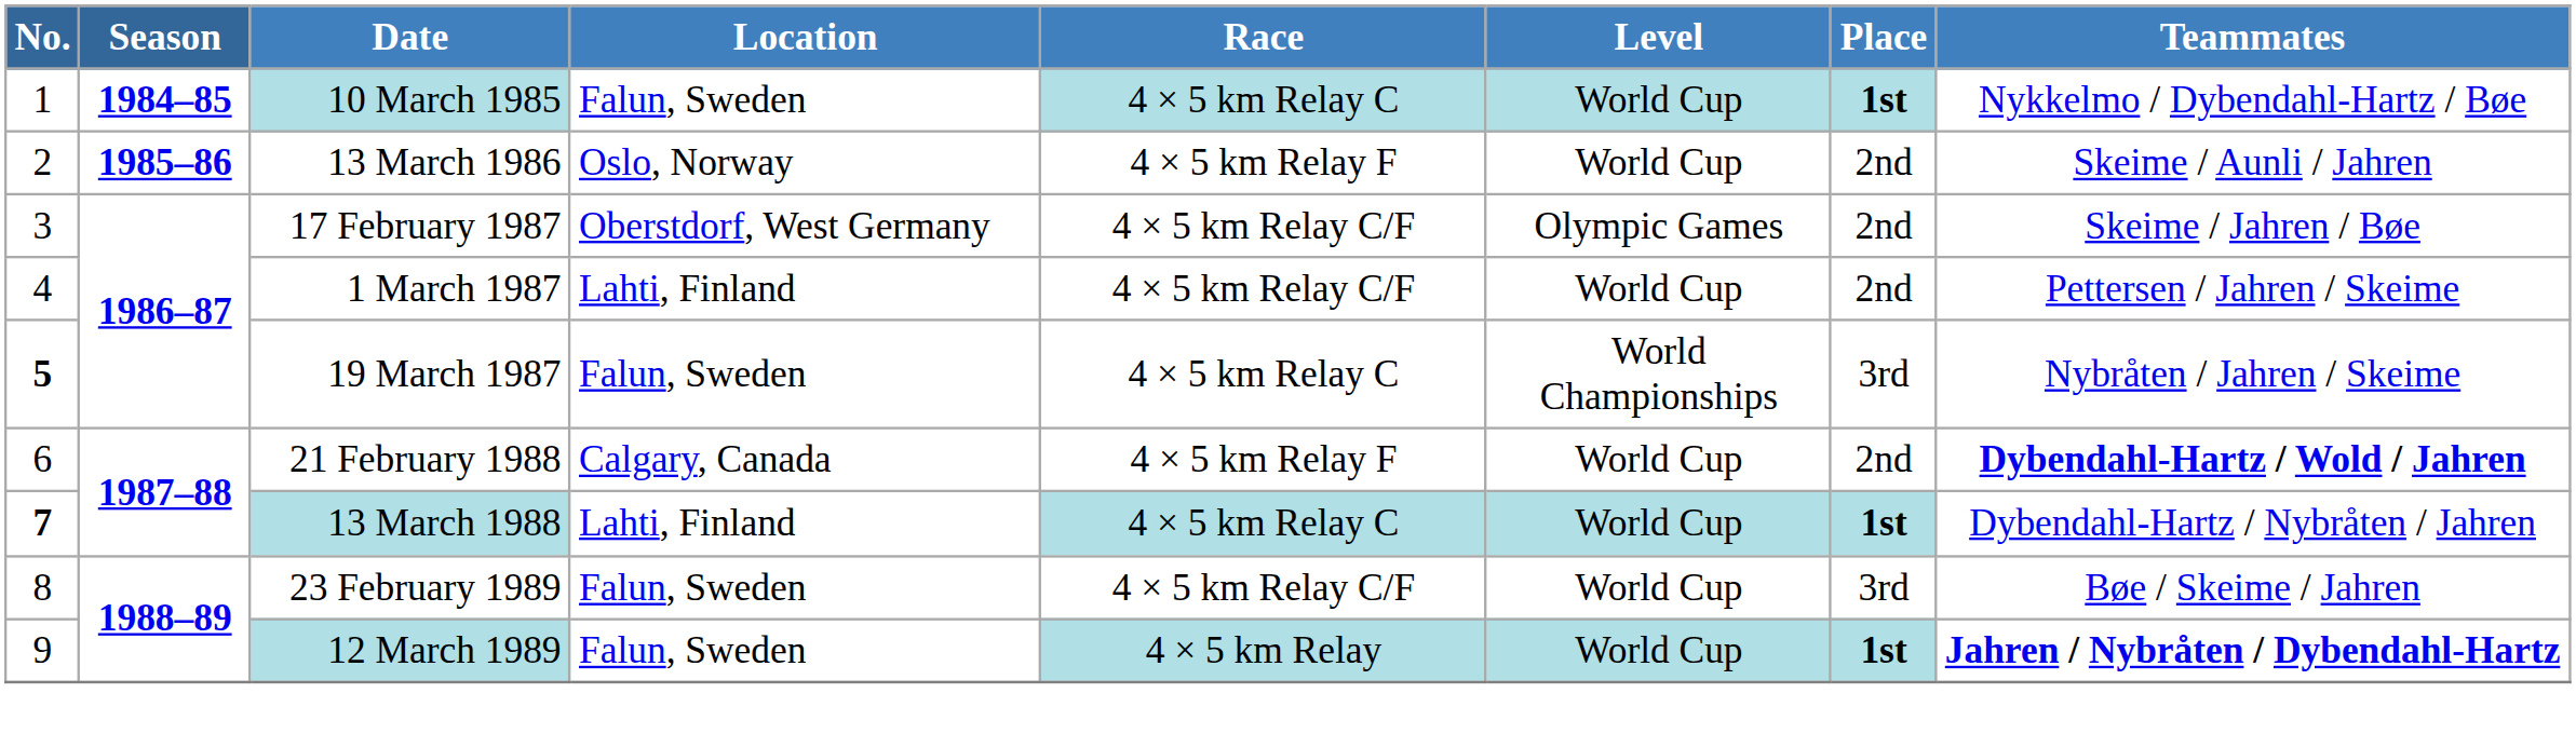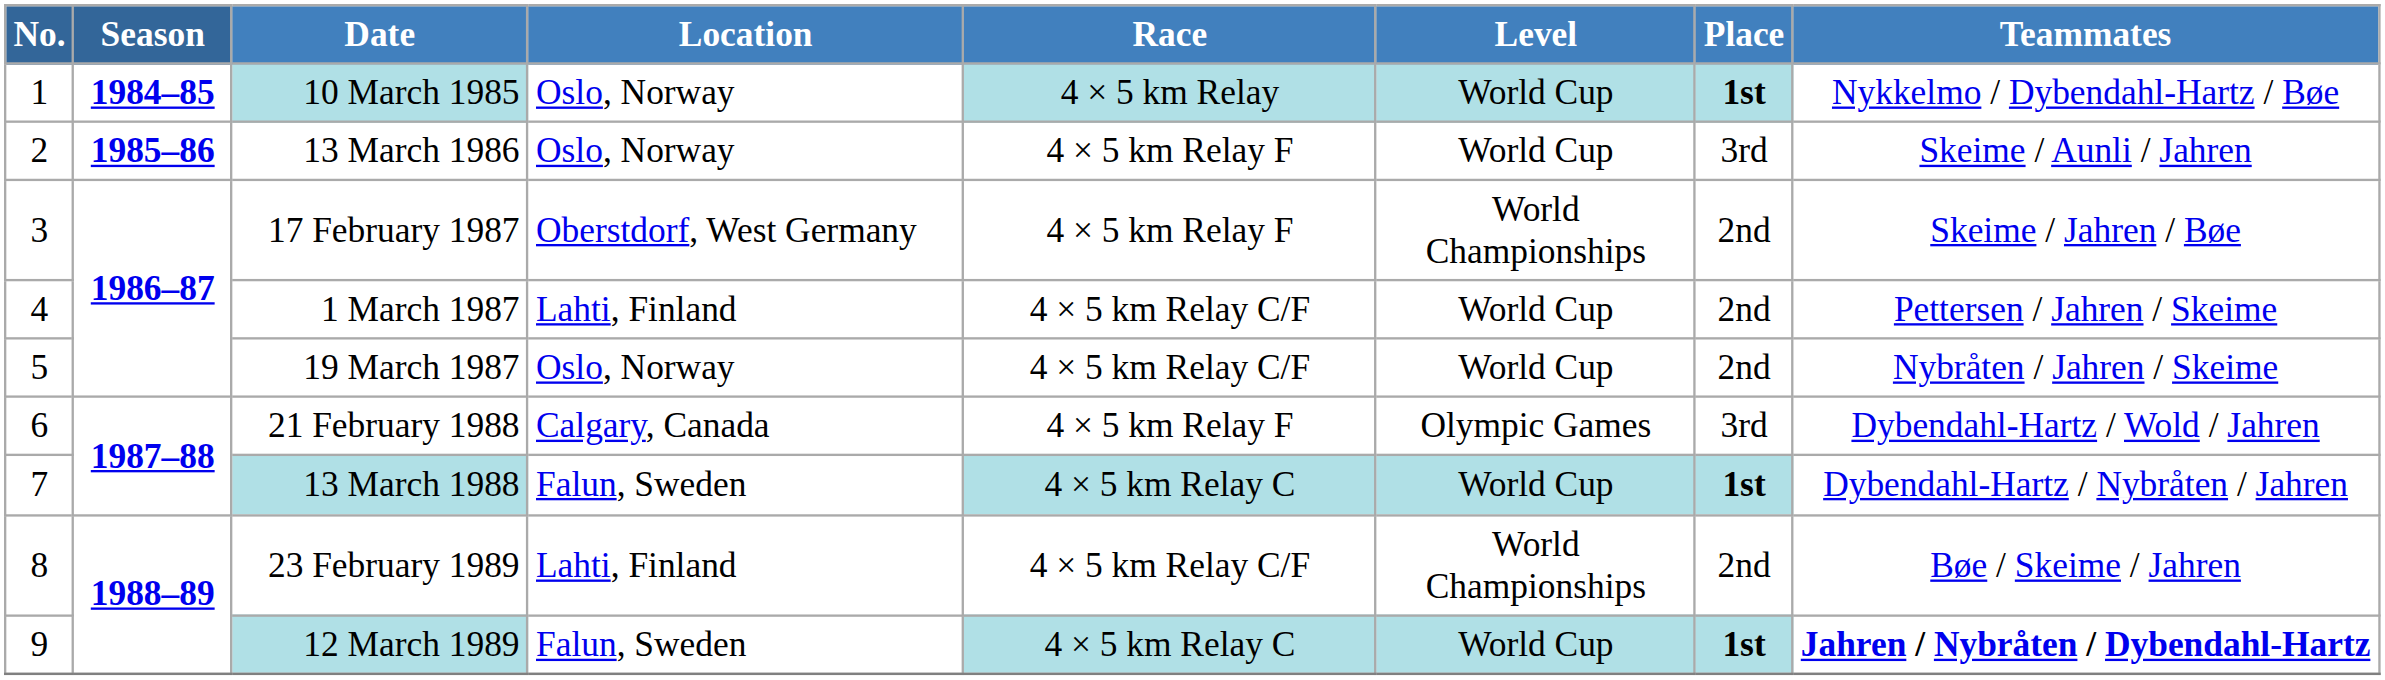 <table class="wikitable sortable" style="font-size:95%; text-align:center; border:grey solid 1px; border-collapse:collapse; background:#ffffff;">
 <tr style="background:#efefef;">
 <th style="background-color:#369; color:white;">No.</th>
 <th style="background-color:#369; color:white;">Season</th>
 <th style="background-color:#4180be; color:white; width:120px;">Date</th>
 <th style="background-color:#4180be; color:white; width:180px;">Location</th>
 <th style="background-color:#4180be; color:white; width:170px;">Race</th>
 <th style="background-color:#4180be; color:white; width:130px;">Level</th>
 <th style="background-color:#4180be; color:white;">Place</th>
 <th style="background-color:#4180be; color:white;">Teammates</th>
 </tr>
 <tr>
 <td align=center>1</td>
 <td rowspan=1 align=center><strong><a href='#'>1984–85</a></strong></td>
 <td bgcolor="#BOEOE6" align=right>10 March 1985</td>
-<td align=left> <a href='#'>Falun</a>, Sweden</td>
-<td bgcolor="#BOEOE6">4 × 5 km Relay C</td>
+<td align=left> <a href='#'>Oslo</a>, Norway</td>
+<td bgcolor="#BOEOE6">4 × 5 km Relay</td>
 <td bgcolor="#BOEOE6">World Cup</td>
 <td bgcolor="#BOEOE6"><strong>1st</strong></td>
 <td><a href='#'>Nykkelmo</a> / <a href='#'>Dybendahl-Hartz</a> / <a href='#'>Bøe</a></td>
 </tr>
 <tr>
 <td align=center>2</td>
 <td rowspan=1 align=center><strong> <a href='#'>1985–86</a> </strong></td>
 <td align=right>13 March 1986</td>
 <td align=left> <a href='#'>Oslo</a>, Norway</td>
 <td>4 × 5 km Relay F</td>
 <td>World Cup</td>
-<td>2nd</td>
+<td>3rd</td>
 <td><a href='#'>Skeime</a> / <a href='#'>Aunli</a> / <a href='#'>Jahren</a></td>
 </tr>
 <tr>
 <td align=center>3</td>
 <td rowspan=3 align=center><strong> <a href='#'>1986–87</a> </strong></td>
 <td align=right>17 February 1987</td>
 <td align=left> <a href='#'>Oberstdorf</a>, West Germany</td>
-<td>4 × 5 km Relay C/F</td>
-<td>Olympic Games</td>
+<td>4 × 5 km Relay F</td>
+<td>World Championships</td>
 <td>2nd</td>
 <td><a href='#'>Skeime</a> / <a href='#'>Jahren</a> / <a href='#'>Bøe</a></td>
 </tr>
 <tr>
 <td align=center>4</td>
 <td align=right>1 March 1987</td>
 <td align=left> <a href='#'>Lahti</a>, Finland</td>
 <td>4 × 5 km Relay C/F</td>
 <td>World Cup</td>
 <td>2nd</td>
 <td><a href='#'>Pettersen</a> / <a href='#'>Jahren</a> / <a href='#'>Skeime</a></td>
 </tr>
 <tr>
-<td align=center><strong>5</strong></td>
+<td align=center>5</td>
 <td align=right>19 March 1987</td>
-<td align=left> <a href='#'>Falun</a>, Sweden</td>
-<td>4 × 5 km Relay C</td>
-<td>World Championships</td>
-<td>3rd</td>
+<td align=left> <a href='#'>Oslo</a>, Norway</td>
+<td>4 × 5 km Relay C/F</td>
+<td>World Cup</td>
+<td>2nd</td>
 <td><a href='#'>Nybråten</a> / <a href='#'>Jahren</a> / <a href='#'>Skeime</a></td>
 </tr>
 <tr>
 <td align=center>6</td>
 <td rowspan=2 align=center><strong> <a href='#'>1987–88</a> </strong></td>
 <td align=right>21 February 1988</td>
 <td align=left> <a href='#'>Calgary</a>, Canada</td>
 <td>4 × 5 km Relay F</td>
-<td>World Cup</td>
-<td>2nd</td>
-<td><strong><a href='#'>Dybendahl-Hartz</a> / <a href='#'>Wold</a> / <a href='#'>Jahren</a></strong></td>
+<td>Olympic Games</td>
+<td>3rd</td>
+<td><a href='#'>Dybendahl-Hartz</a> / <a href='#'>Wold</a> / <a href='#'>Jahren</a></td>
 </tr>
 <tr>
-<td align=center><strong>7</strong></td>
+<td align=center>7</td>
 <td bgcolor="#BOEOE6" align=right>13 March 1988</td>
-<td align=left> <a href='#'>Lahti</a>, Finland</td>
+<td align=left> <a href='#'>Falun</a>, Sweden</td>
 <td bgcolor="#BOEOE6">4 × 5 km Relay C</td>
 <td bgcolor="#BOEOE6">World Cup</td>
 <td bgcolor="#BOEOE6"><strong>1st</strong></td>
 <td><a href='#'>Dybendahl-Hartz</a> / <a href='#'>Nybråten</a> / <a href='#'>Jahren</a></td>
 </tr>
 <tr>
 <td align=center>8</td>
 <td rowspan=2 align=center><strong> <a href='#'>1988–89</a> </strong></td>
 <td align=right>23 February 1989</td>
-<td align=left> <a href='#'>Falun</a>, Sweden</td>
+<td align=left> <a href='#'>Lahti</a>, Finland</td>
 <td>4 × 5 km Relay C/F</td>
-<td>World Cup</td>
-<td>3rd</td>
+<td>World Championships</td>
+<td>2nd</td>
 <td><a href='#'>Bøe</a> / <a href='#'>Skeime</a> / <a href='#'>Jahren</a></td>
 </tr>
 <tr>
 <td align=center>9</td>
 <td bgcolor="#BOEOE6" align=right>12 March 1989</td>
 <td align=left> <a href='#'>Falun</a>, Sweden</td>
-<td bgcolor="#BOEOE6">4 × 5 km Relay</td>
+<td bgcolor="#BOEOE6">4 × 5 km Relay C</td>
 <td bgcolor="#BOEOE6">World Cup</td>
 <td bgcolor="#BOEOE6"><strong>1st</strong></td>
 <td><strong><a href='#'>Jahren</a> / <a href='#'>Nybråten</a> / <a href='#'>Dybendahl-Hartz</a></strong></td>
 </tr>
 <tr>
 </tr>
 </table>
